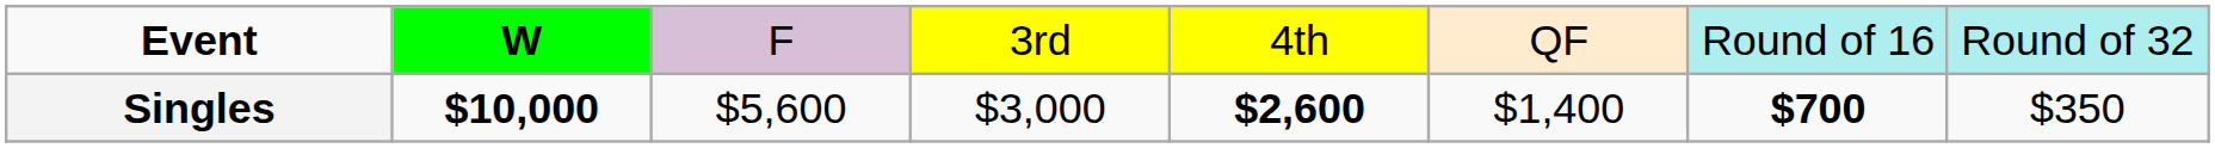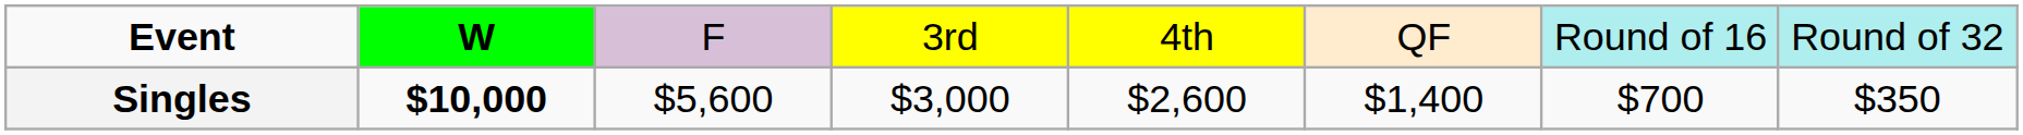 <table class=wikitable style=font-size:95%;text-align:center>
 <tr>
 <td style="width:130px"><strong>Event</strong></td>
 <td style="width:85px; background:lime"><strong>W</strong></td>
 <td style="width:85px; background:thistle">F</td>
 <td style="width:85px; background:#ffff00">3rd</td>
 <td style="width:85px; background:#ffff00">4th</td>
 <td style="width:85px; background:#ffebcd">QF</td>
 <td style="width:85px; background:#afeeee">Round of 16</td>
 <td style="width:85px; background:#afeeee">Round of 32</td>
 </tr>
 <tr>
 <th style=background:#f3f3f3>Singles </th>
 <td><strong>$10,000</strong></td>
 <td>$5,600</td>
 <td>$3,000</td>
-<td><strong>$2,600</strong></td>
+<td>$2,600</td>
 <td>$1,400</td>
-<td><strong>$700</strong></td>
+<td>$700</td>
 <td>$350</td>
 </tr>
 </table>
